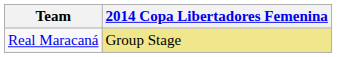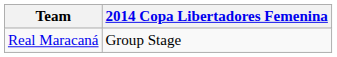 <table class="wikitable">
 <tr>
 <th>Team</th>
 <th><a href='#'>2014 Copa Libertadores Femenina</a></th>
 </tr>
 <tr>
 <td><a href='#'>Real Maracaná</a></td>
-<td style="background: khaki;">Group Stage</td>
+<td>Group Stage</td>
 </tr>
 </table>
